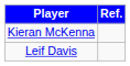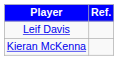 <table class="wikitable" style="text-align:center">
 <tr>
 <th style="background:blue; color:white; width=0%">Player</th>
 <th style="background:blue; color:white; width=0%">Ref.</th>
 </tr>
 <tr>
+<td> <a href='#'>Leif Davis</a></td>
+<td></td>
+</tr>
+<tr>
 <td> <a href='#'>Kieran McKenna</a></td>
 <td></td>
 </tr>
-<tr>
-<td> <a href='#'>Leif Davis</a></td>
-<td></td>
-</tr>
 </table>
